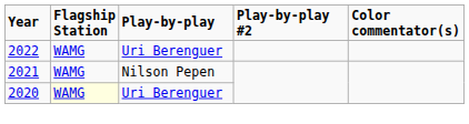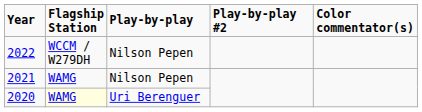 <table class="wikitable">
 <tr>
 <td width="40"><strong>Year</strong></td>
 <td width="40"><strong>Flagship Station</strong></td>
 <td width="110"><strong>Play-by-play</strong></td>
 <td width="110"><strong>Play-by-play #2</strong></td>
 <td width="110"><strong>Color commentator(s)</strong></td>
 </tr>
 <tr>
 <td><a href='#'>2022</a></td>
-<td><a href='#'>WAMG</a></td>
-<td><a href='#'>Uri Berenguer</a></td>
+<td><a href='#'>WCCM</a> / W279DH</td>
+<td>Nilson Pepen</td>
 <td></td>
 </tr>
 <tr>
 <td><a href='#'>2021</a></td>
 <td><a href='#'>WAMG</a></td>
 <td>Nilson Pepen</td>
 <td rowspan=2></td>
 <td rowspan=2></td>
 </tr>
 <tr>
 <td><a href='#'>2020</a></td>
 <td style="background: lightyellow;"><a href='#'>WAMG</a></td>
 <td><a href='#'>Uri Berenguer</a></td>
 </tr>
 </table>
